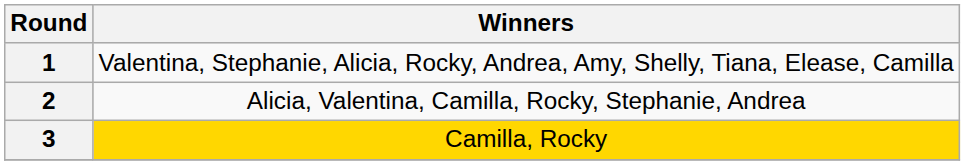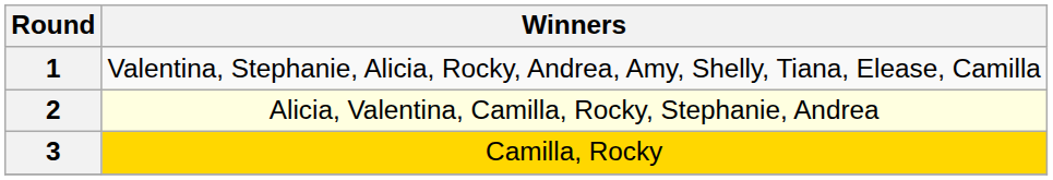 <table class="wikitable" style="text-align:center">
 <tr>
 <th>Round</th>
 <th>Winners</th>
 </tr>
 <tr>
 <th>1</th>
 <td>Valentina, Stephanie, Alicia, Rocky, Andrea, Amy, Shelly, Tiana, Elease, Camilla</td>
 </tr>
 <tr>
 <th>2</th>
-<td>Alicia, Valentina, Camilla, Rocky, Stephanie, Andrea</td>
+<td style="background: lightyellow;">Alicia, Valentina, Camilla, Rocky, Stephanie, Andrea</td>
 </tr>
 <tr>
 <th>3</th>
 <td bgcolor="gold">Camilla, Rocky</td>
 </tr>
 <tr>
 </tr>
 </table>
